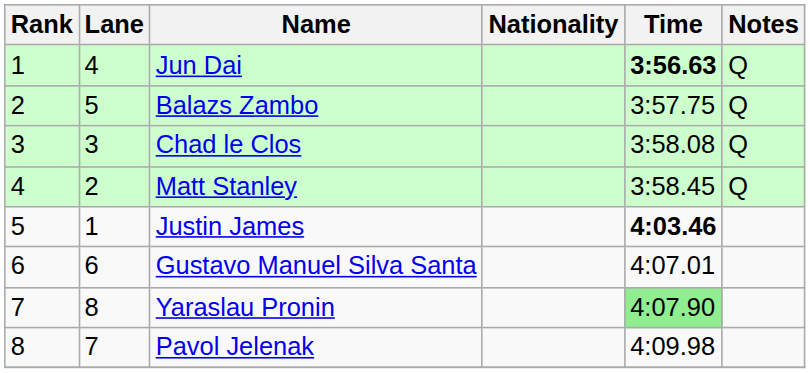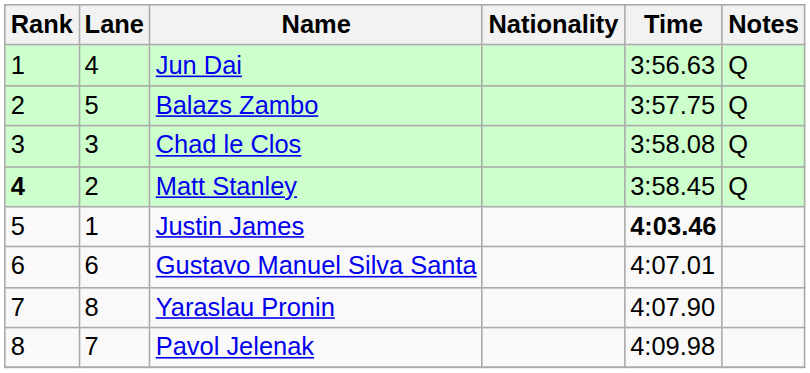 <table class="wikitable">
 <tr>
 <th>Rank</th>
 <th>Lane</th>
 <th>Name</th>
 <th>Nationality</th>
 <th>Time</th>
 <th>Notes</th>
 </tr>
 <tr bgcolor=ccffcc>
 <td>1</td>
 <td>4</td>
 <td><a href='#'>Jun Dai</a></td>
 <td></td>
-<td><strong>3:56.63</strong></td>
+<td>3:56.63</td>
 <td>Q</td>
 </tr>
 <tr bgcolor=ccffcc>
 <td>2</td>
 <td>5</td>
 <td><a href='#'>Balazs Zambo</a></td>
 <td></td>
 <td>3:57.75</td>
 <td>Q</td>
 </tr>
 <tr bgcolor=ccffcc>
 <td>3</td>
 <td>3</td>
 <td><a href='#'>Chad le Clos</a></td>
 <td></td>
 <td>3:58.08</td>
 <td>Q</td>
 </tr>
 <tr bgcolor=ccffcc>
-<td>4</td>
+<td><strong>4</strong></td>
 <td>2</td>
 <td><a href='#'>Matt Stanley</a></td>
 <td></td>
 <td>3:58.45</td>
 <td>Q</td>
 </tr>
 <tr>
 <td>5</td>
 <td>1</td>
 <td><a href='#'>Justin James</a></td>
 <td></td>
 <td><strong>4:03.46</strong></td>
 <td></td>
 </tr>
 <tr>
 <td>6</td>
 <td>6</td>
 <td><a href='#'>Gustavo Manuel Silva Santa</a></td>
 <td></td>
 <td>4:07.01</td>
 <td></td>
 </tr>
 <tr>
 <td>7</td>
 <td>8</td>
 <td><a href='#'>Yaraslau Pronin</a></td>
 <td></td>
-<td style="background: lightgreen;">4:07.90</td>
+<td>4:07.90</td>
 <td></td>
 </tr>
 <tr>
 <td>8</td>
 <td>7</td>
 <td><a href='#'>Pavol Jelenak</a></td>
 <td></td>
 <td>4:09.98</td>
 <td></td>
 </tr>
 <tr>
 </tr>
 </table>
